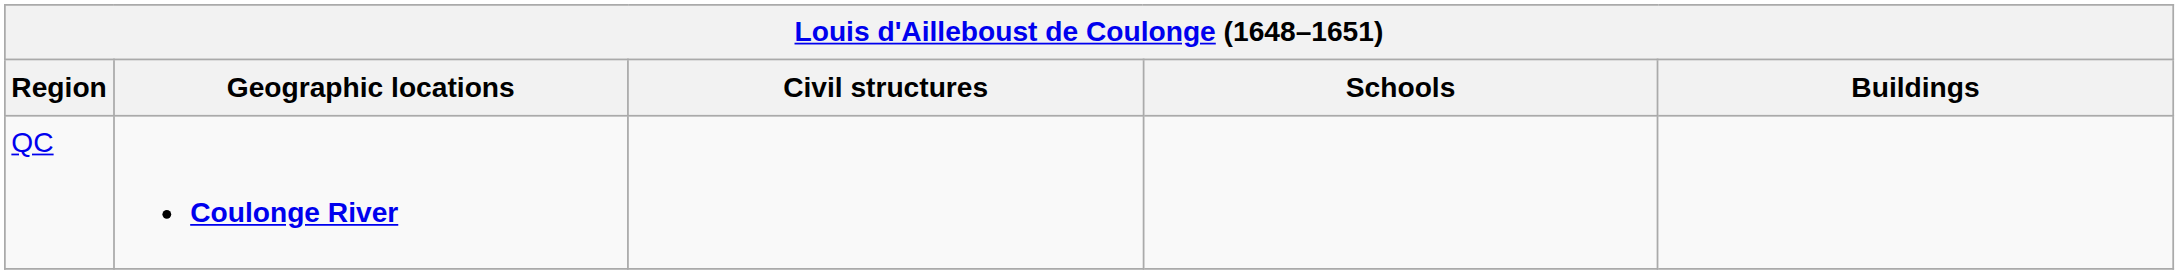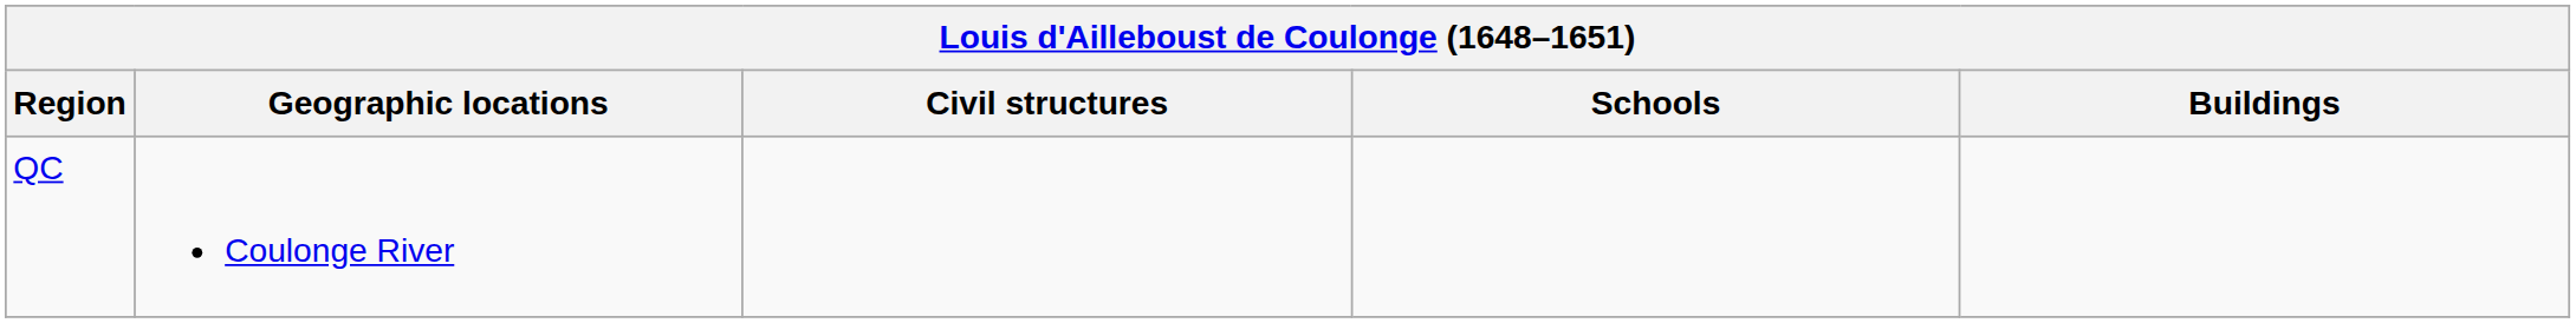 <table class="wikitable" style="font-size:1.00em; line-height:1.5em;">
 <tr>
 <th colspan="5"> <a href='#'>Louis d'Ailleboust de Coulonge</a> (1648–1651)</th>
 </tr>
 <tr>
 <th width="5%">Region</th>
 <th width="23.75%">Geographic locations</th>
 <th width="23.75%">Civil structures</th>
 <th width="23.75%">Schools</th>
 <th width="23.75%">Buildings</th>
 </tr>
 <tr>
 <td align=left valign=top> <a href='#'>QC</a></td>
-<td align=left valign=top><strong><br><ul><li><a href='#'>Coulonge River</a></li></ul></strong></td>
+<td align=left valign=top><br><ul><li><a href='#'>Coulonge River</a></li></ul></td>
 <td></td>
 <td></td>
 <td></td>
 </tr>
 </table>
